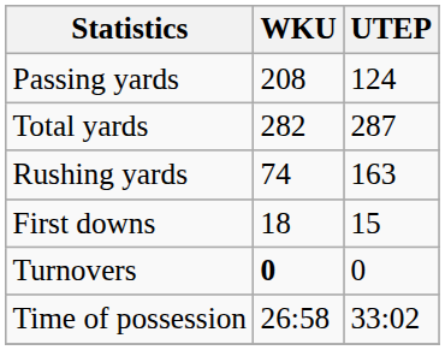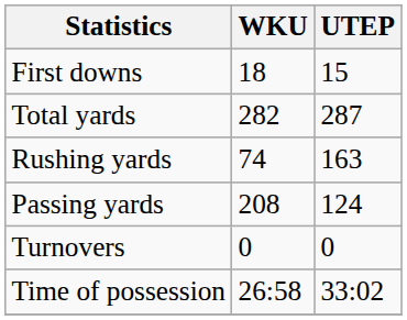 <table class="wikitable">
 <tr>
 <th>Statistics</th>
 <th>WKU</th>
 <th>UTEP</th>
 </tr>
 <tr>
-<td>Passing yards</td>
-<td>208</td>
-<td>124</td>
+<td>First downs</td>
+<td>18</td>
+<td>15</td>
 </tr>
 <tr>
 <td>Total yards</td>
 <td>282</td>
 <td>287</td>
 </tr>
 <tr>
 <td>Rushing yards</td>
 <td>74</td>
 <td>163</td>
 </tr>
 <tr>
-<td>First downs</td>
-<td>18</td>
-<td>15</td>
+<td>Passing yards</td>
+<td>208</td>
+<td>124</td>
 </tr>
 <tr>
 <td>Turnovers</td>
-<td><strong>0</strong></td>
+<td>0</td>
 <td>0</td>
 </tr>
 <tr>
 <td>Time of possession</td>
 <td>26:58</td>
 <td>33:02</td>
 </tr>
 <tr>
 </tr>
 </table>
